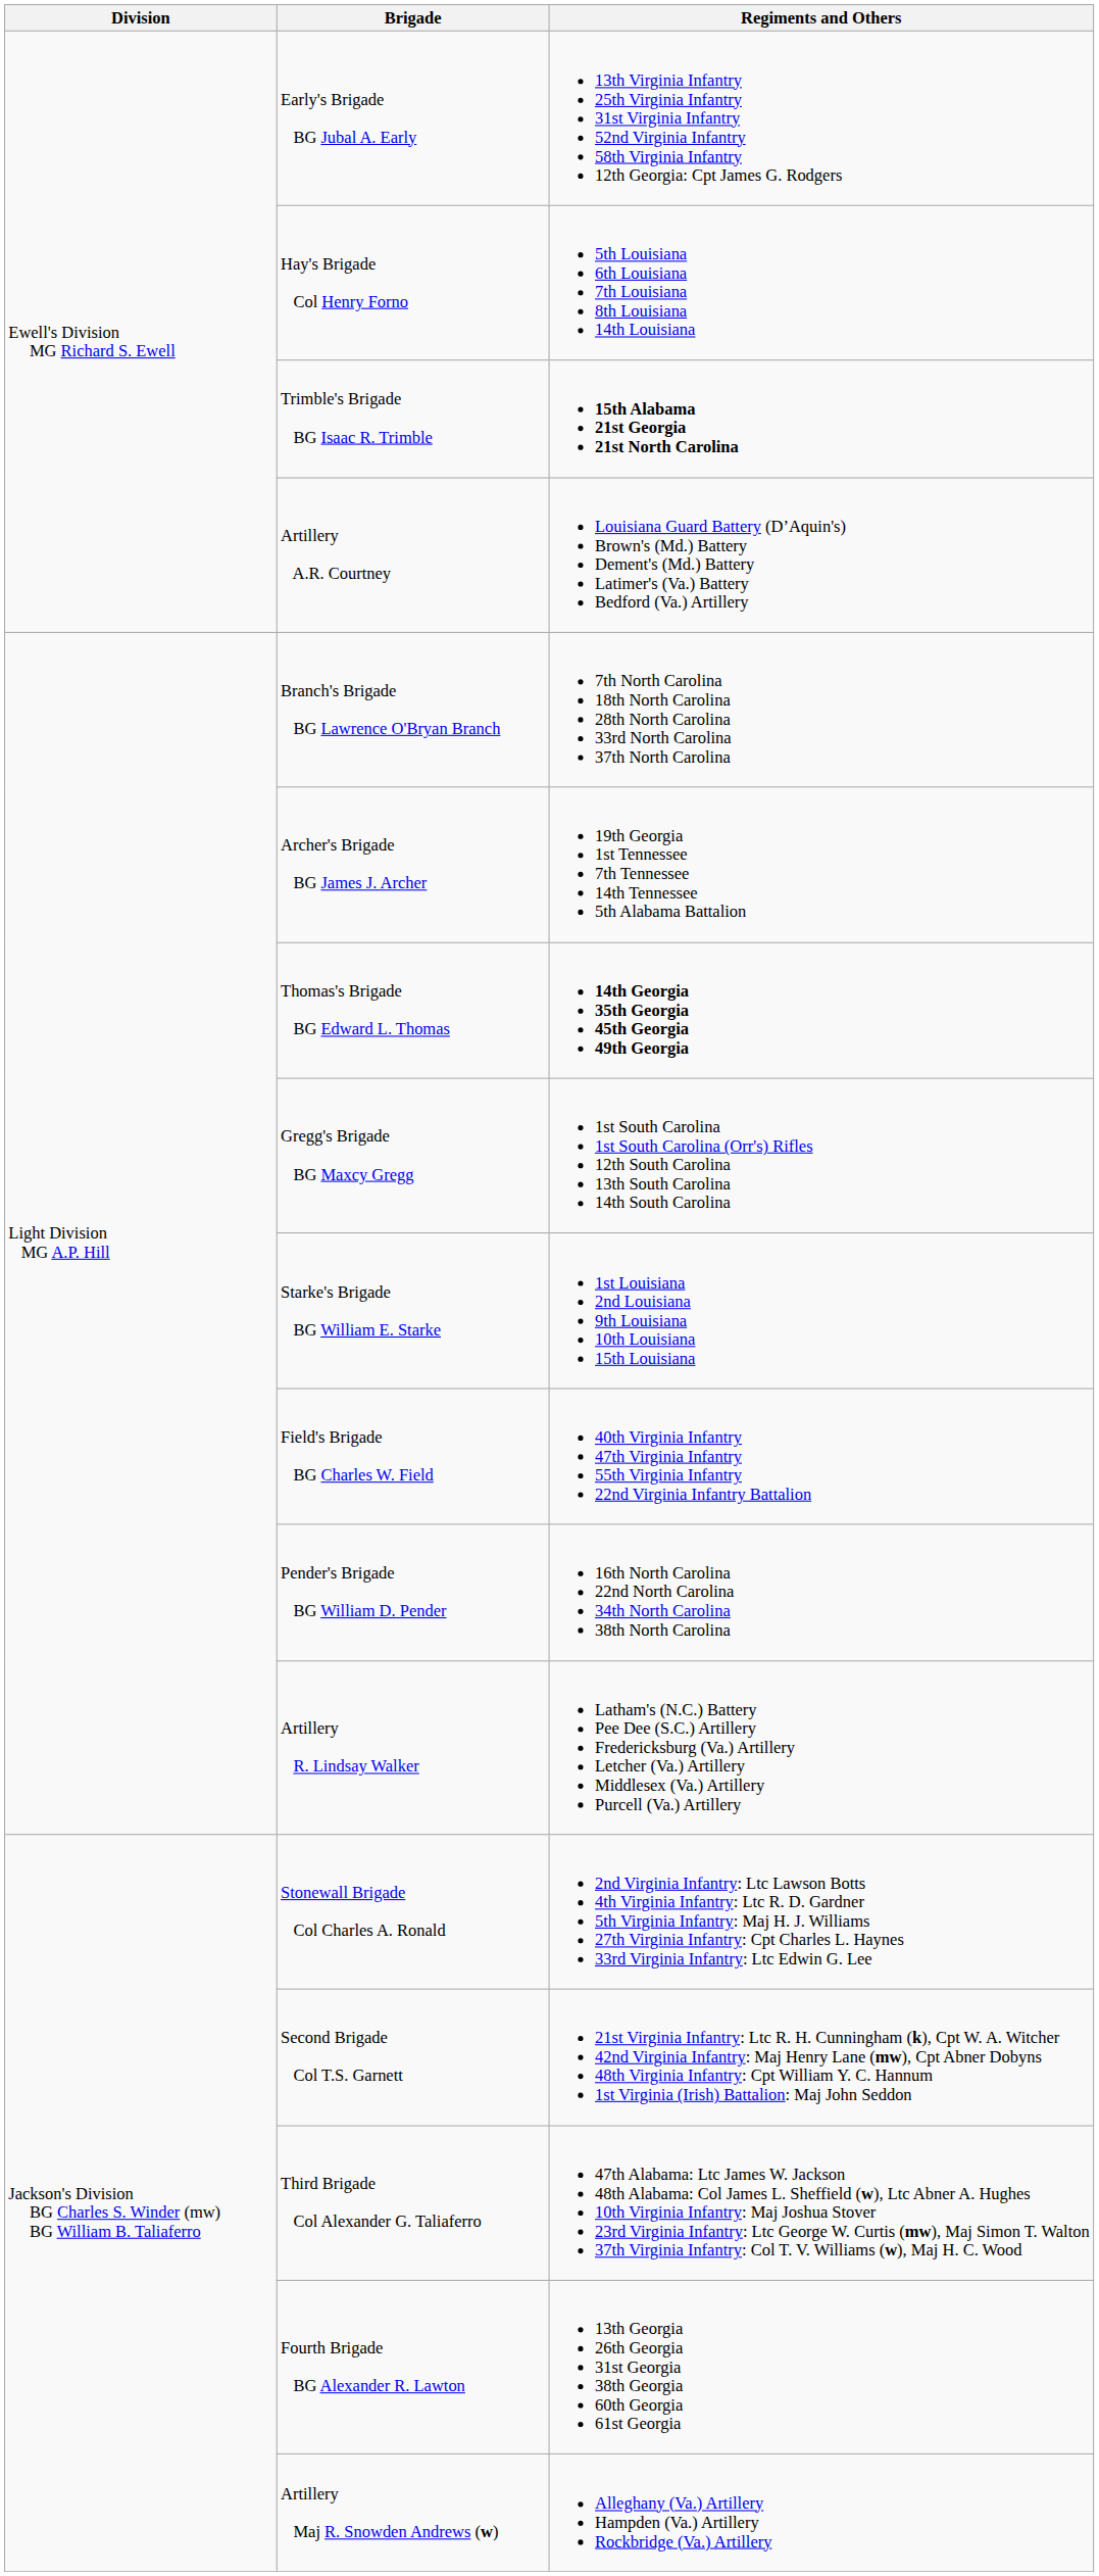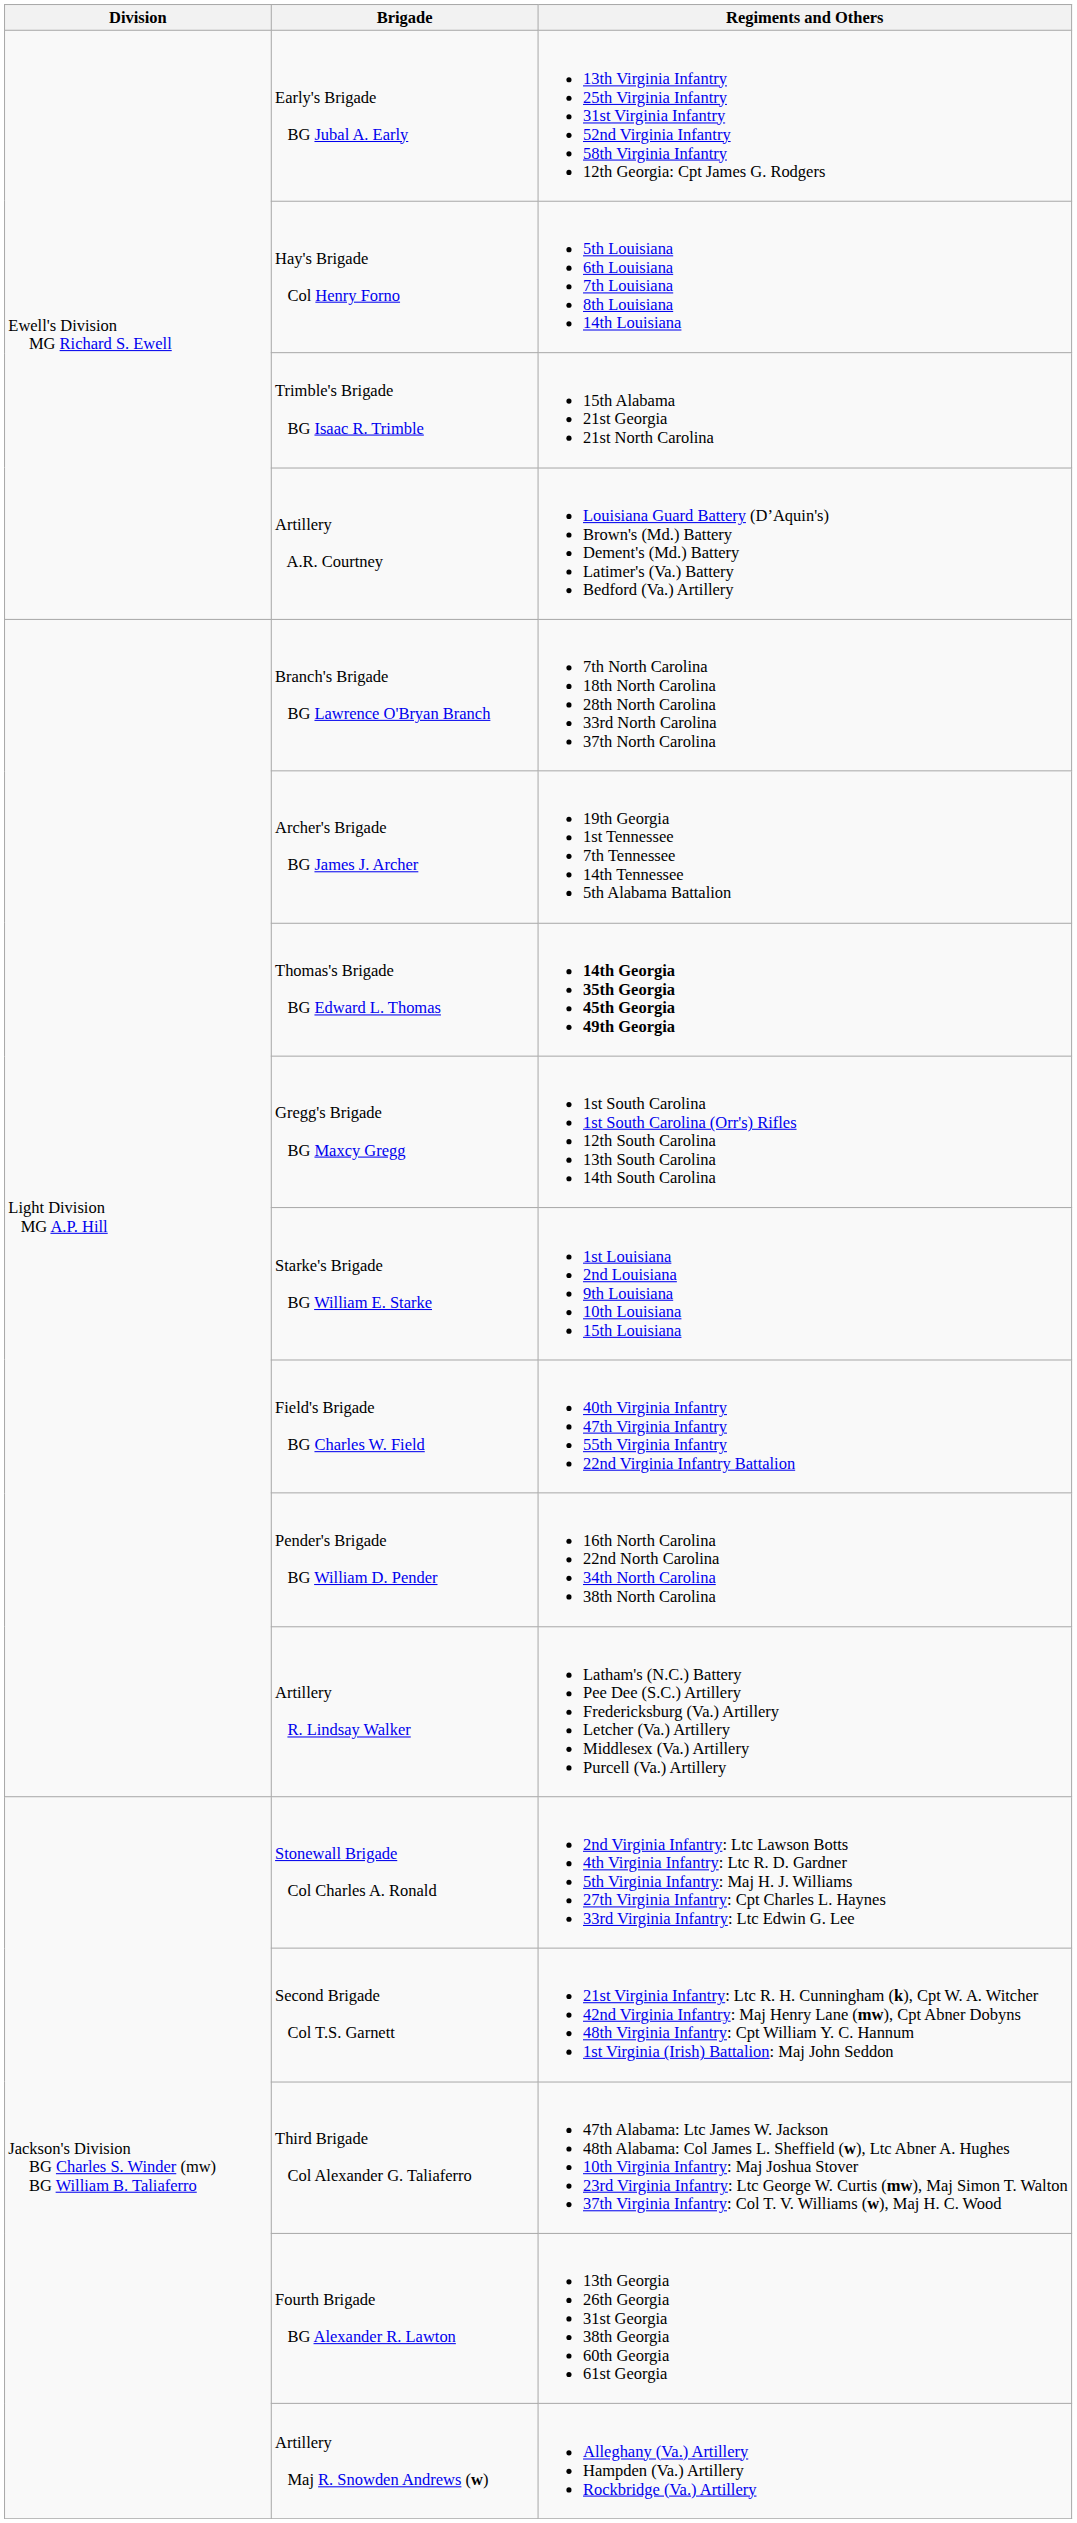 <table class="wikitable">
 <tr>
 <th width=25%>Division</th>
 <th width=25%>Brigade</th>
 <th>Regiments and Others</th>
 </tr>
 <tr>
 <td rowspan=4><br>Ewell's Division <br>     MG <a href='#'>Richard S. Ewell</a></td>
 <td>Early's Brigade<br><br>   BG <a href='#'>Jubal A. Early</a></td>
 <td><br><ul><li><a href='#'>13th Virginia Infantry</a></li><li><a href='#'>25th Virginia Infantry</a></li><li><a href='#'>31st Virginia Infantry</a></li><li><a href='#'>52nd Virginia Infantry</a></li><li><a href='#'>58th Virginia Infantry</a></li><li>12th Georgia: Cpt James G. Rodgers</li></ul></td>
 </tr>
 <tr>
 <td>Hay's Brigade<br><br>   Col <a href='#'>Henry Forno</a></td>
 <td><br><ul><li><a href='#'>5th Louisiana</a></li><li><a href='#'>6th Louisiana</a></li><li><a href='#'>7th Louisiana</a></li><li><a href='#'>8th Louisiana</a></li><li><a href='#'>14th Louisiana</a></li></ul></td>
 </tr>
 <tr>
 <td>Trimble's Brigade<br><br>   BG <a href='#'>Isaac R. Trimble</a></td>
-<td><strong><br><ul><li>15th Alabama</li><li>21st Georgia</li><li>21st North Carolina</li></ul></strong></td>
+<td><br><ul><li>15th Alabama</li><li>21st Georgia</li><li>21st North Carolina</li></ul></td>
 </tr>
 <tr>
 <td>Artillery<br><br>   A.R. Courtney</td>
 <td><br><ul><li><a href='#'>Louisiana Guard Battery</a> (D’Aquin's)</li><li>Brown's (Md.) Battery</li><li>Dement's (Md.) Battery</li><li>Latimer's (Va.) Battery</li><li>Bedford (Va.) Artillery</li></ul></td>
 </tr>
 <tr>
 <td rowspan=8><br>Light Division <br>   MG <a href='#'>A.P. Hill</a></td>
 <td>Branch's Brigade<br><br>   BG <a href='#'>Lawrence O'Bryan Branch</a></td>
 <td><br><ul><li>7th North Carolina</li><li>18th North Carolina</li><li>28th North Carolina</li><li>33rd North Carolina</li><li>37th North Carolina</li></ul></td>
 </tr>
 <tr>
 <td>Archer's Brigade<br><br>   BG <a href='#'>James J. Archer</a></td>
 <td><br><ul><li>19th Georgia</li><li>1st Tennessee</li><li>7th Tennessee</li><li>14th Tennessee</li><li>5th Alabama Battalion</li></ul></td>
 </tr>
 <tr>
 <td>Thomas's Brigade<br><br>   BG <a href='#'>Edward L. Thomas</a></td>
 <td><strong><br><ul><li>14th Georgia</li><li>35th Georgia</li><li>45th Georgia</li><li>49th Georgia</li></ul></strong></td>
 </tr>
 <tr>
 <td>Gregg's Brigade<br><br>   BG <a href='#'>Maxcy Gregg</a></td>
 <td><br><ul><li>1st South Carolina</li><li><a href='#'>1st South Carolina (Orr's) Rifles</a></li><li>12th South Carolina</li><li>13th South Carolina</li><li>14th South Carolina</li></ul></td>
 </tr>
 <tr>
 <td>Starke's Brigade<br><br>   BG <a href='#'>William E. Starke</a></td>
 <td><br><ul><li><a href='#'>1st Louisiana</a></li><li><a href='#'>2nd Louisiana</a></li><li><a href='#'>9th Louisiana</a></li><li><a href='#'>10th Louisiana</a></li><li><a href='#'>15th Louisiana</a></li></ul></td>
 </tr>
 <tr>
 <td>Field's Brigade<br><br>   BG <a href='#'>Charles W. Field</a></td>
 <td><br><ul><li><a href='#'>40th Virginia Infantry</a></li><li><a href='#'>47th Virginia Infantry</a></li><li><a href='#'>55th Virginia Infantry</a></li><li><a href='#'>22nd Virginia Infantry Battalion</a></li></ul></td>
 </tr>
 <tr>
 <td>Pender's Brigade<br><br>   BG <a href='#'>William D. Pender</a></td>
 <td><br><ul><li>16th North Carolina</li><li>22nd North Carolina</li><li><a href='#'>34th North Carolina</a></li><li>38th North Carolina</li></ul></td>
 </tr>
 <tr>
 <td>Artillery<br><br>   <a href='#'>R. Lindsay Walker</a></td>
 <td><br><ul><li>Latham's (N.C.) Battery</li><li>Pee Dee (S.C.) Artillery</li><li>Fredericksburg (Va.) Artillery</li><li>Letcher (Va.) Artillery</li><li>Middlesex (Va.) Artillery</li><li>Purcell (Va.) Artillery</li></ul></td>
 </tr>
 <tr>
 <td rowspan=5><br>Jackson's Division <br>     BG <a href='#'>Charles S. Winder</a> (mw) <br>     BG <a href='#'>William B. Taliaferro</a></td>
 <td><a href='#'>Stonewall Brigade</a><br><br>   Col Charles A. Ronald</td>
 <td><br><ul><li><a href='#'>2nd Virginia Infantry</a>: Ltc Lawson Botts</li><li><a href='#'>4th Virginia Infantry</a>: Ltc R. D. Gardner</li><li><a href='#'>5th Virginia Infantry</a>: Maj H. J. Williams</li><li><a href='#'>27th Virginia Infantry</a>: Cpt Charles L. Haynes</li><li><a href='#'>33rd Virginia Infantry</a>: Ltc Edwin G. Lee</li></ul></td>
 </tr>
 <tr>
 <td>Second Brigade<br><br>   Col T.S. Garnett</td>
 <td><br><ul><li><a href='#'>21st Virginia Infantry</a>: Ltc R. H. Cunningham (<strong>k</strong>), Cpt W. A. Witcher</li><li><a href='#'>42nd Virginia Infantry</a>: Maj Henry Lane (<strong>mw</strong>), Cpt Abner Dobyns</li><li><a href='#'>48th Virginia Infantry</a>: Cpt William Y. C. Hannum</li><li><a href='#'>1st Virginia (Irish) Battalion</a>: Maj John Seddon</li></ul></td>
 </tr>
 <tr>
 <td>Third Brigade<br><br>   Col Alexander G. Taliaferro</td>
 <td><br><ul><li>47th Alabama: Ltc James W. Jackson</li><li>48th Alabama: Col James L. Sheffield (<strong>w</strong>), Ltc Abner A. Hughes</li><li><a href='#'>10th Virginia Infantry</a>: Maj Joshua Stover</li><li><a href='#'>23rd Virginia Infantry</a>: Ltc George W. Curtis (<strong>mw</strong>), Maj Simon T. Walton</li><li><a href='#'>37th Virginia Infantry</a>: Col T. V. Williams (<strong>w</strong>), Maj H. C. Wood</li></ul></td>
 </tr>
 <tr>
 <td>Fourth Brigade<br><br>   BG <a href='#'>Alexander R. Lawton</a></td>
 <td><br><ul><li>13th Georgia</li><li>26th Georgia</li><li>31st Georgia</li><li>38th Georgia</li><li>60th Georgia</li><li>61st Georgia</li></ul></td>
 </tr>
 <tr>
 <td>Artillery<br><br>   Maj <a href='#'>R. Snowden Andrews</a> (<strong>w</strong>)</td>
 <td><br><ul><li><a href='#'>Alleghany (Va.) Artillery</a></li><li>Hampden (Va.) Artillery</li><li><a href='#'>Rockbridge (Va.) Artillery</a></li></ul></td>
 </tr>
 </table>
